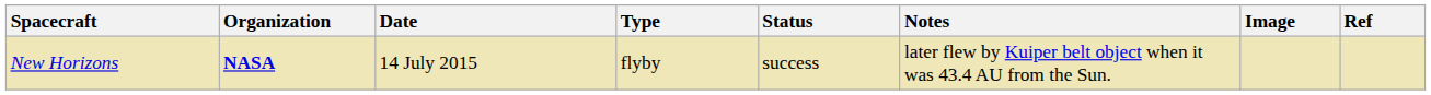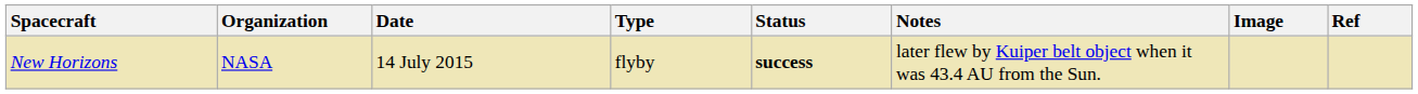 <table class="wikitable" style="margin: 1em auto 1em auto; width:90%; font-size:95%;">
 <tr>
 <th colspan="2"  style="text-align:left; width:15%;">Spacecraft</th>
 <th style="text-align:left; width:11%;">Organization</th>
 <th style="text-align:left; width:17%;">Date</th>
 <th style="text-align:left; width:10%;">Type</th>
 <th style="text-align:left; width:10%;">Status</th>
 <th style="text-align:left; width:24%;">Notes</th>
 <th style="text-align:left; width:7%;">Image</th>
 <th style="text-align:left; width:6%;">Ref</th>
 </tr>
 <tr style="background:#EFE7B8">
 <td colspan="2"><em><a href='#'>New Horizons</a></em></td>
-<td><strong> <a href='#'>NASA</a></strong></td>
+<td> <a href='#'>NASA</a></td>
 <td>14 July 2015</td>
 <td>flyby</td>
-<td>success</td>
+<td><strong>success</strong></td>
 <td>later flew by <a href='#'>Kuiper belt object</a>  when it was 43.4 AU from the Sun.</td>
 <td></td>
 <td></td>
 </tr>
 </table>
